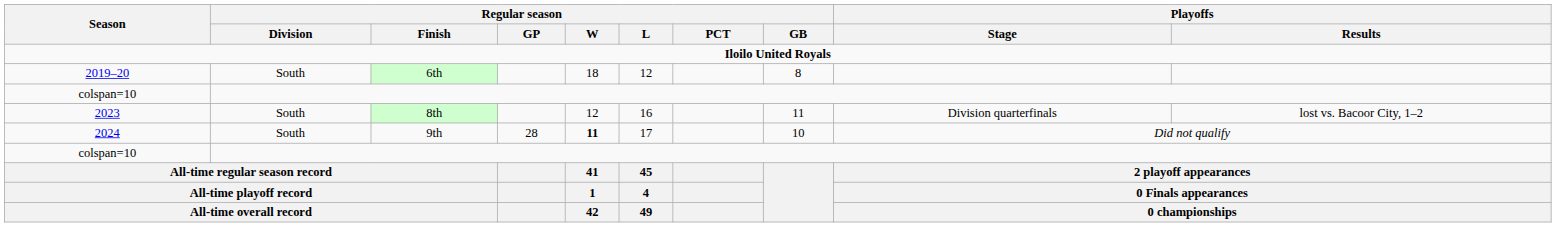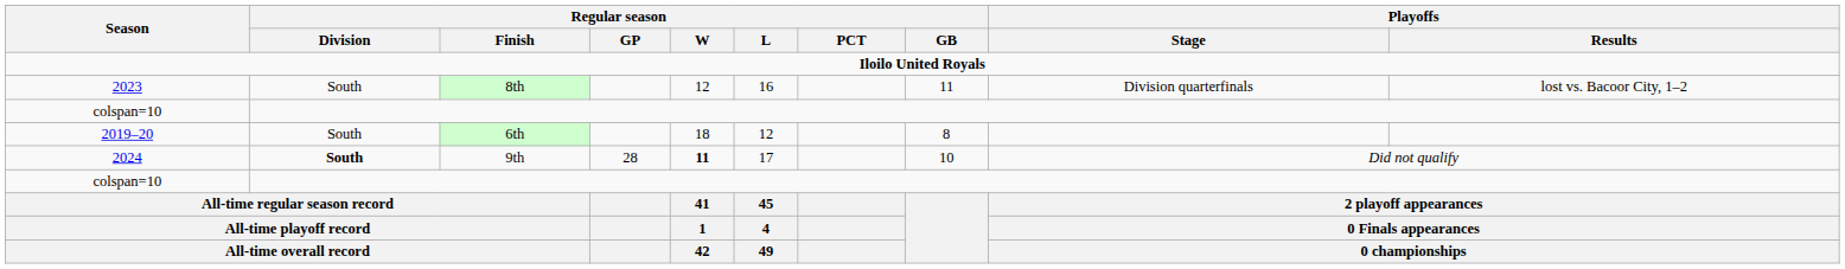 <table class=wikitable style="width:100%; text-align:center">
 <tr>
 <th rowspan=2>Season</th>
 <th colspan=7>Regular season</th>
 <th colspan=2>Playoffs</th>
 </tr>
 <tr>
 <th>Division</th>
 <th>Finish</th>
 <th>GP</th>
 <th>W</th>
 <th>L</th>
 <th>PCT</th>
 <th>GB</th>
 <th>Stage</th>
 <th>Results</th>
 </tr>
 <tr>
 <td colspan=10><span><strong>Iloilo United Royals</strong></span></td>
 </tr>
 <tr>
+<td><a href='#'>2023</a></td>
+<td>South</td>
+<td bgcolor="#CFFFCF">8th</td>
+<td></td>
+<td>12</td>
+<td>16</td>
+<td></td>
+<td>11</td>
+<td>Division quarterfinals</td>
+<td>lost vs. Bacoor City, 1–2</td>
+</tr>
+<tr>
+<td>colspan=10 </td>
+</tr>
+<tr>
 <td><a href='#'>2019–20</a> <br> <em></em></td>
 <td>South</td>
 <td bgcolor="#CFFFCF">6th</td>
 <td></td>
 <td>18</td>
 <td>12</td>
 <td></td>
 <td>8</td>
 <td></td>
 <td></td>
 </tr>
 <tr>
-<td>colspan=10 </td>
-</tr>
-<tr>
-<td><a href='#'>2023</a></td>
-<td>South</td>
-<td bgcolor="#CFFFCF">8th</td>
-<td></td>
-<td>12</td>
-<td>16</td>
-<td></td>
-<td>11</td>
-<td>Division quarterfinals</td>
-<td>lost vs. Bacoor City, 1–2</td>
-</tr>
-<tr>
 <td><a href='#'>2024</a></td>
-<td>South</td>
+<td><strong>South</strong></td>
 <td>9th</td>
 <td>28</td>
 <td><strong>11</strong></td>
 <td>17</td>
 <td></td>
 <td>10</td>
 <td colspan="2"><em>Did not qualify</em></td>
 </tr>
 <tr>
 <td>colspan=10 </td>
 </tr>
 <tr>
 <th colspan=3>All-time regular season record</th>
 <th></th>
 <th>41</th>
 <th>45</th>
 <th></th>
 <th rowspan="3"></th>
 <th colspan=2>2 playoff appearances</th>
 </tr>
 <tr>
 <th colspan=3>All-time playoff record</th>
 <th></th>
 <th>1</th>
 <th>4</th>
 <th></th>
 <th colspan=2>0 Finals appearances</th>
 </tr>
 <tr>
 <th colspan=3>All-time overall record</th>
 <th></th>
 <th>42</th>
 <th>49</th>
 <th></th>
 <th colspan=2>0 championships</th>
 </tr>
 </table>
